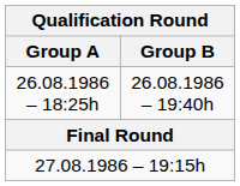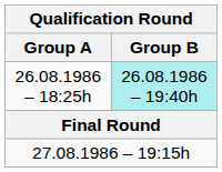 <table class="wikitable" style=" text-align:center; font-size:110%;" width="35%">
 <tr>
 <th colspan="2">Qualification Round</th>
 </tr>
 <tr>
 <th>Group A</th>
 <th>Group B</th>
 </tr>
 <tr>
 <td>26.08.1986 – 18:25h</td>
-<td>26.08.1986 – 19:40h</td>
+<td style="background: paleturquoise;">26.08.1986 – 19:40h</td>
 </tr>
 <tr>
 <th colspan="2">Final Round</th>
 </tr>
 <tr>
 <td colspan="2">27.08.1986 – 19:15h</td>
 </tr>
 </table>
